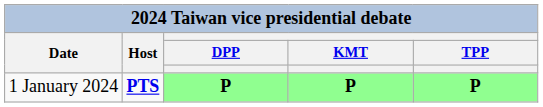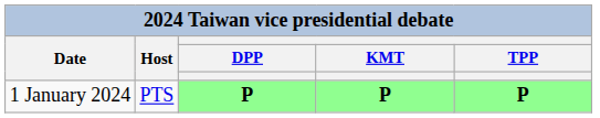 <table class="wikitable" style="text-justify: none">
 <tr>
 <th colspan="11" style="background:#B0C4DE">2024 Taiwan <strong>vice presidential debate</strong></th>
 </tr>
 <tr style="font-size:small;">
 <th rowspan="3">Date</th>
 <th rowspan="3">Host</th>
 <th colspan="9" scope="col">     </th>
 </tr>
 <tr style="font-size:small;">
 <th scope="col"><a href='#'>DPP</a><br></th>
 <th scope="col"><a href='#'>KMT</a><br></th>
 <th scope="col"><a href='#'>TPP</a><br></th>
 </tr>
 <tr>
 <th style="width:6.5em; background:"></th>
 <th style="width:6.5em; background:"></th>
 <th style="width:6.5em; background:"></th>
 </tr>
 <tr>
 <td>1 January 2024</td>
-<td><strong><a href='#'>PTS</a></strong></td>
+<td><a href='#'>PTS</a></td>
 <td style="background:#90ff90; color:black; text-align:center;"><strong>P</strong></td>
 <td style="background:#90ff90; color:black; text-align:center;"><strong>P</strong></td>
 <td style="background:#90ff90; color:black; text-align:center;"><strong>P</strong></td>
 </tr>
 </table>
